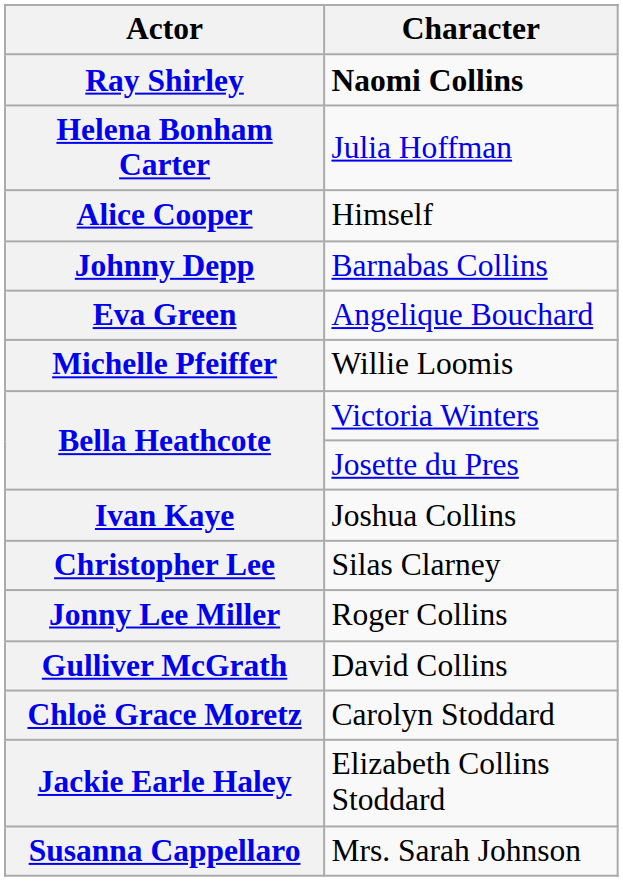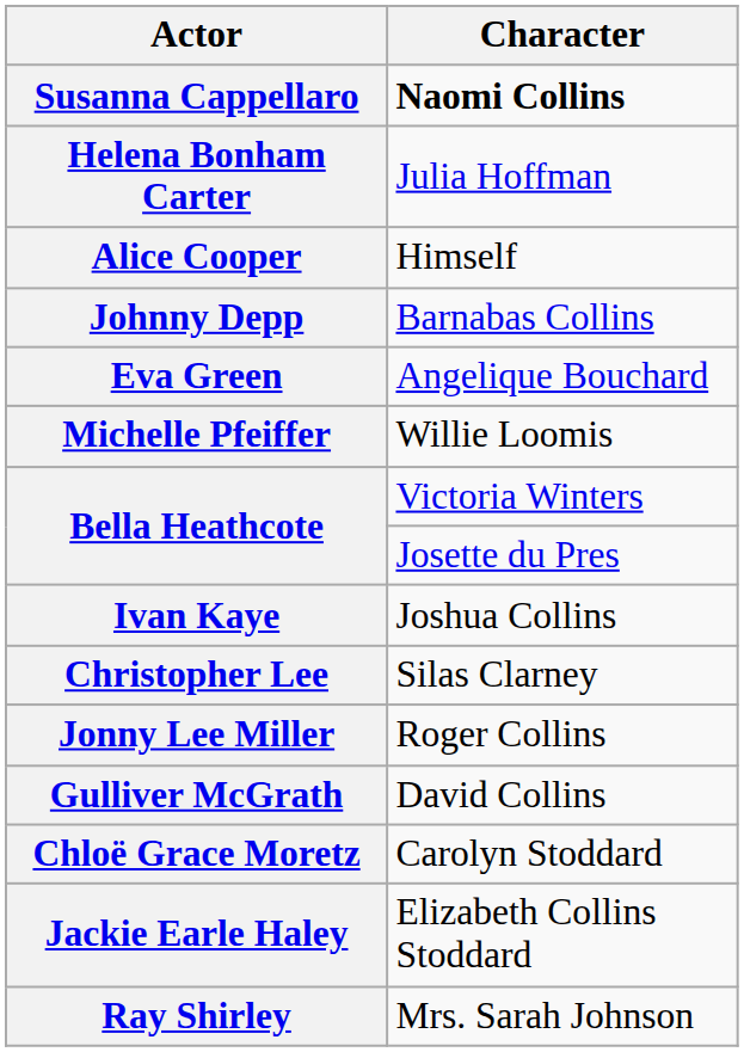 <table class="wikitable plainrowheaders sortable" style="width:50%;">
 <tr>
 <th style="width:20%;">Actor</th>
 <th style="width:20%;">Character</th>
 </tr>
 <tr>
-<th scope="row"><a href='#'>Ray Shirley</a></th>
+<th scope="row"><a href='#'>Susanna Cappellaro</a></th>
 <td><strong>Naomi Collins</strong></td>
 </tr>
 <tr>
 <th scope="row"><a href='#'>Helena Bonham Carter</a></th>
 <td><a href='#'>Julia Hoffman</a></td>
 </tr>
 <tr>
 <th scope="row"><a href='#'>Alice Cooper</a></th>
 <td>Himself</td>
 </tr>
 <tr>
 <th scope="row"><a href='#'>Johnny Depp</a></th>
 <td><a href='#'>Barnabas Collins</a></td>
 </tr>
 <tr>
 <th scope="row"><a href='#'>Eva Green</a></th>
 <td><a href='#'>Angelique Bouchard</a></td>
 </tr>
 <tr>
 <th scope="row"><a href='#'>Michelle Pfeiffer</a></th>
 <td>Willie Loomis</td>
 </tr>
 <tr>
 <th scope="row" rowspan="2"><a href='#'>Bella Heathcote</a></th>
 <td><a href='#'>Victoria Winters</a></td>
 </tr>
 <tr>
 <td><a href='#'>Josette du Pres</a></td>
 </tr>
 <tr>
 <th scope="row"><a href='#'>Ivan Kaye</a></th>
 <td>Joshua Collins</td>
 </tr>
 <tr>
 <th scope="row"><a href='#'>Christopher Lee</a></th>
 <td>Silas Clarney</td>
 </tr>
 <tr>
 <th scope="row"><a href='#'>Jonny Lee Miller</a></th>
 <td>Roger Collins</td>
 </tr>
 <tr>
 <th scope="row"><a href='#'>Gulliver McGrath</a></th>
 <td>David Collins</td>
 </tr>
 <tr>
 <th scope="row"><a href='#'>Chloë Grace Moretz</a></th>
 <td>Carolyn Stoddard</td>
 </tr>
 <tr>
 <th scope="row"><a href='#'>Jackie Earle Haley</a></th>
 <td>Elizabeth Collins Stoddard</td>
 </tr>
 <tr>
-<th scope="row"><a href='#'>Susanna Cappellaro</a></th>
+<th scope="row"><a href='#'>Ray Shirley</a></th>
 <td>Mrs. Sarah Johnson</td>
 </tr>
 </table>
